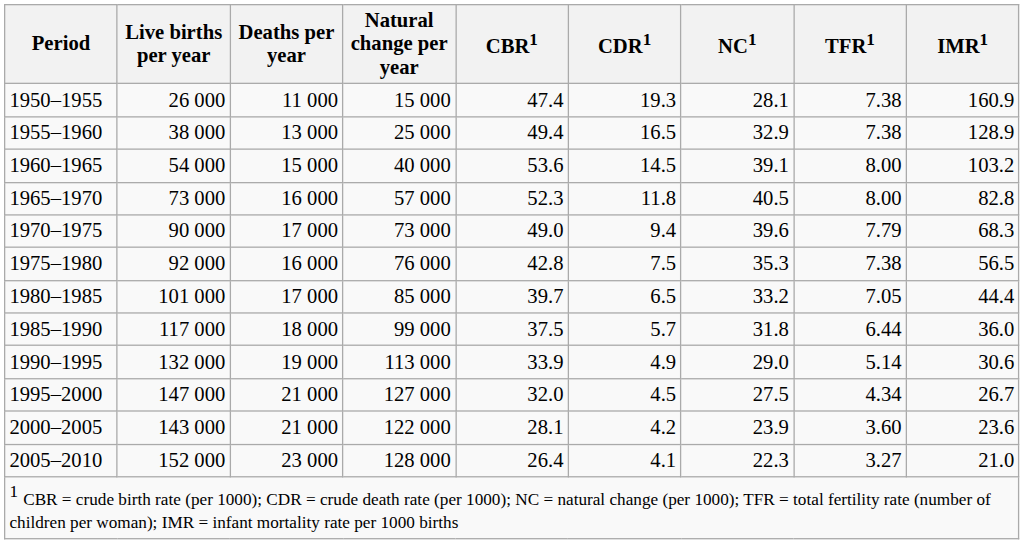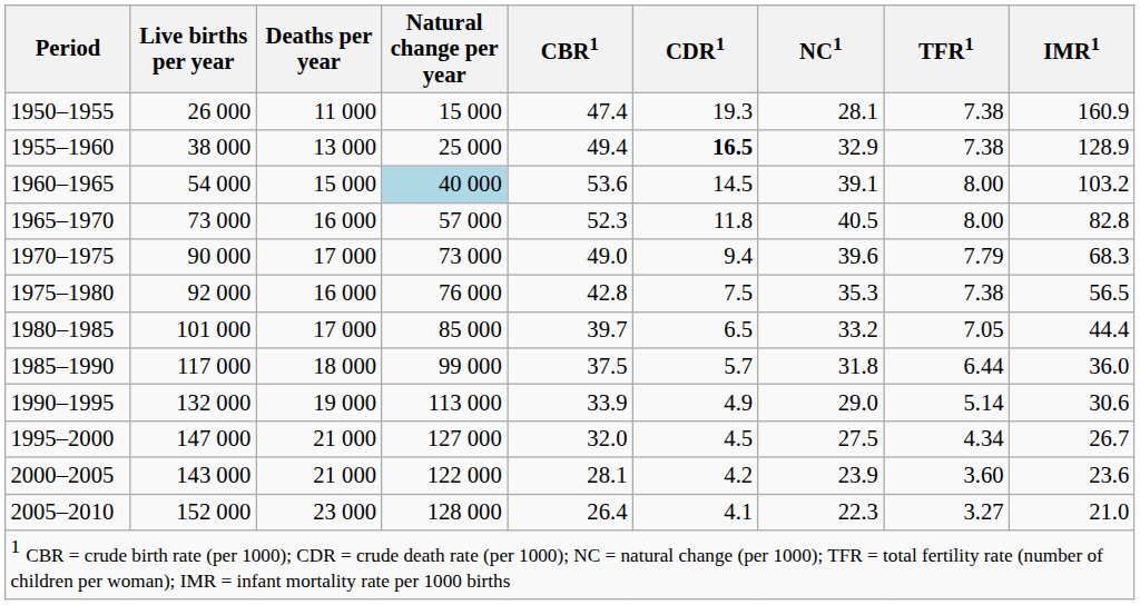 <table class="wikitable">
 <tr>
 <th width="80pt">Period</th>
 <th width="80pt">Live births per year</th>
 <th width="80pt">Deaths per year</th>
 <th width="80pt">Natural change per year</th>
 <th width="80pt">CBR<sup>1</sup></th>
 <th width="80pt">CDR<sup>1</sup></th>
 <th width="80pt">NC<sup>1</sup></th>
 <th width="80pt">TFR<sup>1</sup></th>
 <th width="80pt">IMR<sup>1</sup></th>
 </tr>
 <tr>
 <td>1950–1955</td>
 <td align="right">26 000</td>
 <td align="right">11 000</td>
 <td align="right">15 000</td>
 <td align="right">47.4</td>
 <td align="right">19.3</td>
 <td align="right">28.1</td>
 <td align="right">7.38</td>
 <td align="right">160.9</td>
 </tr>
 <tr>
 <td>1955–1960</td>
 <td align="right">38 000</td>
 <td align="right">13 000</td>
 <td align="right">25 000</td>
 <td align="right">49.4</td>
-<td align="right">16.5</td>
+<td align="right"><strong>16.5</strong></td>
 <td align="right">32.9</td>
 <td align="right">7.38</td>
 <td align="right">128.9</td>
 </tr>
 <tr>
 <td>1960–1965</td>
 <td align="right">54 000</td>
 <td align="right">15 000</td>
-<td align="right">40 000</td>
+<td align="right" style="background: lightblue;">40 000</td>
 <td align="right">53.6</td>
 <td align="right">14.5</td>
 <td align="right">39.1</td>
 <td align="right">8.00</td>
 <td align="right">103.2</td>
 </tr>
 <tr>
 <td>1965–1970</td>
 <td align="right">73 000</td>
 <td align="right">16 000</td>
 <td align="right">57 000</td>
 <td align="right">52.3</td>
 <td align="right">11.8</td>
 <td align="right">40.5</td>
 <td align="right">8.00</td>
 <td align="right">82.8</td>
 </tr>
 <tr>
 <td>1970–1975</td>
 <td align="right">90 000</td>
 <td align="right">17 000</td>
 <td align="right">73 000</td>
 <td align="right">49.0</td>
 <td align="right">9.4</td>
 <td align="right">39.6</td>
 <td align="right">7.79</td>
 <td align="right">68.3</td>
 </tr>
 <tr>
 <td>1975–1980</td>
 <td align="right">92 000</td>
 <td align="right">16 000</td>
 <td align="right">76 000</td>
 <td align="right">42.8</td>
 <td align="right">7.5</td>
 <td align="right">35.3</td>
 <td align="right">7.38</td>
 <td align="right">56.5</td>
 </tr>
 <tr>
 <td>1980–1985</td>
 <td align="right">101 000</td>
 <td align="right">17 000</td>
 <td align="right">85 000</td>
 <td align="right">39.7</td>
 <td align="right">6.5</td>
 <td align="right">33.2</td>
 <td align="right">7.05</td>
 <td align="right">44.4</td>
 </tr>
 <tr>
 <td>1985–1990</td>
 <td align="right">117 000</td>
 <td align="right">18 000</td>
 <td align="right">99 000</td>
 <td align="right">37.5</td>
 <td align="right">5.7</td>
 <td align="right">31.8</td>
 <td align="right">6.44</td>
 <td align="right">36.0</td>
 </tr>
 <tr>
 <td>1990–1995</td>
 <td align="right">132 000</td>
 <td align="right">19 000</td>
 <td align="right">113 000</td>
 <td align="right">33.9</td>
 <td align="right">4.9</td>
 <td align="right">29.0</td>
 <td align="right">5.14</td>
 <td align="right">30.6</td>
 </tr>
 <tr>
 <td>1995–2000</td>
 <td align="right">147 000</td>
 <td align="right">21 000</td>
 <td align="right">127 000</td>
 <td align="right">32.0</td>
 <td align="right">4.5</td>
 <td align="right">27.5</td>
 <td align="right">4.34</td>
 <td align="right">26.7</td>
 </tr>
 <tr>
 <td>2000–2005</td>
 <td align="right">143 000</td>
 <td align="right">21 000</td>
 <td align="right">122 000</td>
 <td align="right">28.1</td>
 <td align="right">4.2</td>
 <td align="right">23.9</td>
 <td align="right">3.60</td>
 <td align="right">23.6</td>
 </tr>
 <tr>
 <td>2005–2010</td>
 <td align="right">152 000</td>
 <td align="right">23 000</td>
 <td align="right">128 000</td>
 <td align="right">26.4</td>
 <td align="right">4.1</td>
 <td align="right">22.3</td>
 <td align="right">3.27</td>
 <td align="right">21.0</td>
 </tr>
 <tr>
 <td colspan="9"><sup>1</sup> <small>CBR = crude birth rate (per 1000); CDR = crude death rate (per 1000); NC = natural change (per 1000); TFR = total fertility rate (number of children per woman); IMR = infant mortality rate per 1000 births</small></td>
 </tr>
 </table>
